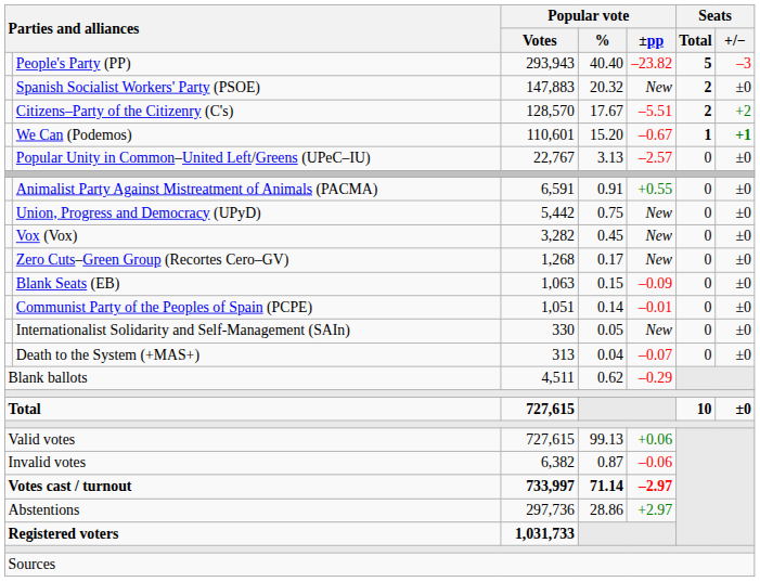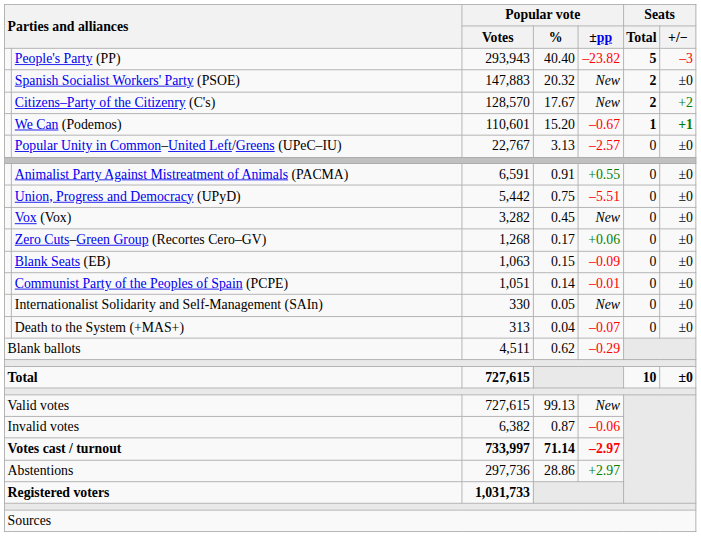 <table class="wikitable" style="text-align:right;">
 <tr>
 <th style="text-align:left;" rowspan="2" colspan="2" width="525">Parties and alliances</th>
 <th colspan="3">Popular vote</th>
 <th colspan="2">Seats</th>
 </tr>
 <tr>
 <th width="75">Votes</th>
 <th width="45">%</th>
 <th width="45">±<a href='#'>pp</a></th>
 <th width="35">Total</th>
 <th width="35">+/−</th>
 </tr>
 <tr>
 <td width="1" style="color:inherit;background:"></td>
 <td align="left"><a href='#'>People's Party</a> (PP)</td>
 <td>293,943</td>
 <td>40.40</td>
 <td style="color:red;">–23.82</td>
 <td><strong>5</strong></td>
 <td style="color:red;">–3</td>
 </tr>
 <tr>
 <td style="color:inherit;background:"></td>
 <td align="left"><a href='#'>Spanish Socialist Workers' Party</a> (PSOE)</td>
 <td>147,883</td>
 <td>20.32</td>
 <td><em>New</em></td>
 <td><strong>2</strong></td>
 <td>±0</td>
 </tr>
 <tr>
 <td style="color:inherit;background:"></td>
 <td align="left"><a href='#'>Citizens–Party of the Citizenry</a> (C's)</td>
 <td>128,570</td>
 <td>17.67</td>
-<td style="color:red;">–5.51</td>
+<td><em>New</em></td>
 <td><strong>2</strong></td>
 <td style="color:green;">+2</td>
 </tr>
 <tr>
 <td style="color:inherit;background:"></td>
 <td align="left"><a href='#'>We Can</a> (Podemos)</td>
 <td>110,601</td>
 <td>15.20</td>
 <td style="color:red;">–0.67</td>
 <td><strong>1</strong></td>
 <td style="color:green;"><strong>+1</strong></td>
 </tr>
 <tr>
 <td style="color:inherit;background:"></td>
 <td align="left"><a href='#'>Popular Unity in Common</a>–<a href='#'>United Left</a>/<a href='#'>Greens</a> (UPeC–IU)</td>
 <td>22,767</td>
 <td>3.13</td>
 <td style="color:red;">–2.57</td>
 <td>0</td>
 <td>±0</td>
 </tr>
 <tr>
 <td colspan="7" bgcolor="#C0C0C0"></td>
 </tr>
 <tr>
 <td style="color:inherit;background:"></td>
 <td align="left"><a href='#'>Animalist Party Against Mistreatment of Animals</a> (PACMA)</td>
 <td>6,591</td>
 <td>0.91</td>
 <td style="color:green;">+0.55</td>
 <td>0</td>
 <td>±0</td>
 </tr>
 <tr>
 <td style="color:inherit;background:"></td>
 <td align="left"><a href='#'>Union, Progress and Democracy</a> (UPyD)</td>
 <td>5,442</td>
 <td>0.75</td>
-<td><em>New</em></td>
+<td style="color:red;">–5.51</td>
 <td>0</td>
 <td>±0</td>
 </tr>
 <tr>
 <td style="color:inherit;background:"></td>
 <td align="left"><a href='#'>Vox</a> (Vox)</td>
 <td>3,282</td>
 <td>0.45</td>
 <td><em>New</em></td>
 <td>0</td>
 <td>±0</td>
 </tr>
 <tr>
 <td style="color:inherit;background:"></td>
 <td align="left"><a href='#'>Zero Cuts</a>–<a href='#'>Green Group</a> (Recortes Cero–GV)</td>
 <td>1,268</td>
 <td>0.17</td>
-<td><em>New</em></td>
+<td style="color:green;">+0.06</td>
 <td>0</td>
 <td>±0</td>
 </tr>
 <tr>
 <td style="color:inherit;background:"></td>
 <td align="left"><a href='#'>Blank Seats</a> (EB)</td>
 <td>1,063</td>
 <td>0.15</td>
 <td style="color:red;">–0.09</td>
 <td>0</td>
 <td>±0</td>
 </tr>
 <tr>
 <td style="color:inherit;background:"></td>
 <td align="left"><a href='#'>Communist Party of the Peoples of Spain</a> (PCPE)</td>
 <td>1,051</td>
 <td>0.14</td>
 <td style="color:red;">–0.01</td>
 <td>0</td>
 <td>±0</td>
 </tr>
 <tr>
 <td style="color:inherit;background:"></td>
 <td align="left">Internationalist Solidarity and Self-Management (SAIn)</td>
 <td>330</td>
 <td>0.05</td>
 <td><em>New</em></td>
 <td>0</td>
 <td>±0</td>
 </tr>
 <tr>
 <td style="color:inherit;background:"></td>
 <td align="left">Death to the System (+MAS+)</td>
 <td>313</td>
 <td>0.04</td>
 <td style="color:red;">–0.07</td>
 <td>0</td>
 <td>±0</td>
 </tr>
 <tr>
 <td align="left" colspan="2">Blank ballots</td>
 <td>4,511</td>
 <td>0.62</td>
 <td style="color:red;">–0.29</td>
 <td bgcolor="#E9E9E9" colspan="2"></td>
 </tr>
 <tr>
 <td colspan="7" bgcolor="#E9E9E9"></td>
 </tr>
 <tr style="font-weight:bold;">
 <td align="left" colspan="2">Total</td>
 <td>727,615</td>
 <td bgcolor="#E9E9E9" colspan="2"></td>
 <td>10</td>
 <td>±0</td>
 </tr>
 <tr>
 <td colspan="7" bgcolor="#E9E9E9"></td>
 </tr>
 <tr>
 <td align="left" colspan="2">Valid votes</td>
 <td>727,615</td>
 <td>99.13</td>
-<td style="color:green;">+0.06</td>
+<td><em>New</em></td>
 <td bgcolor="#E9E9E9" colspan="2" rowspan="5"></td>
 </tr>
 <tr>
 <td align="left" colspan="2">Invalid votes</td>
 <td>6,382</td>
 <td>0.87</td>
 <td style="color:red;">–0.06</td>
 </tr>
 <tr style="font-weight:bold;">
 <td align="left" colspan="2">Votes cast / turnout</td>
 <td>733,997</td>
 <td>71.14</td>
 <td style="color:red;">–2.97</td>
 </tr>
 <tr>
 <td align="left" colspan="2">Abstentions</td>
 <td>297,736</td>
 <td>28.86</td>
 <td style="color:green;">+2.97</td>
 </tr>
 <tr style="font-weight:bold;">
 <td align="left" colspan="2">Registered voters</td>
 <td>1,031,733</td>
 <td bgcolor="#E9E9E9" colspan="2"></td>
 </tr>
 <tr>
 <td colspan="7" bgcolor="#E9E9E9"></td>
 </tr>
 <tr>
 <td align="left" colspan="7">Sources</td>
 </tr>
 </table>
